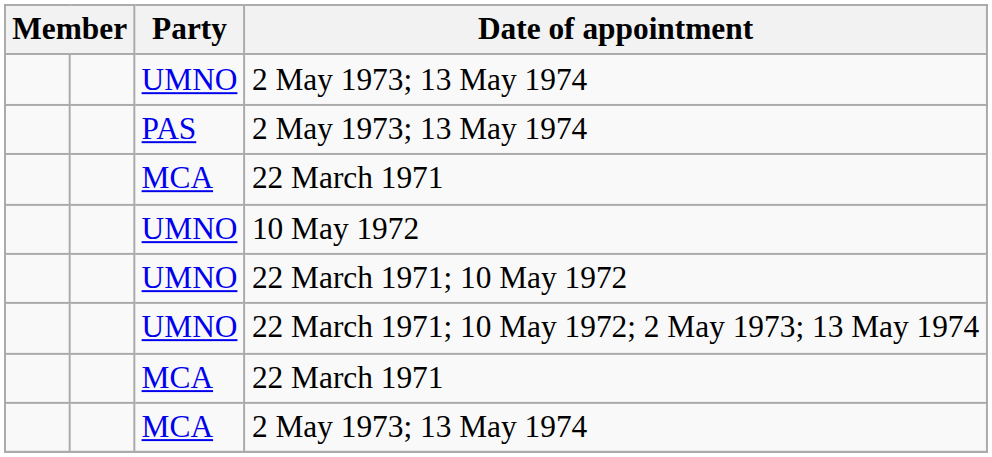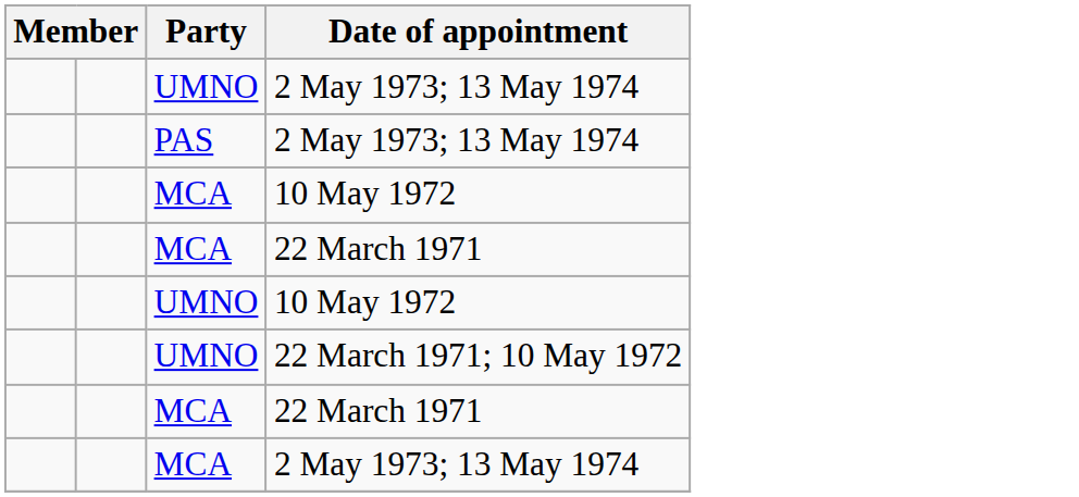 <table class="sortable wikitable">
 <tr>
 <th colspan="2" valign="top">Member</th>
 <th valign="top">Party</th>
 <th valign="top">Date of appointment</th>
 </tr>
 <tr>
 <td></td>
 <td></td>
 <td><a href='#'>UMNO</a></td>
 <td>2 May 1973; 13 May 1974</td>
 </tr>
 <tr>
 <td></td>
 <td></td>
 <td><a href='#'>PAS</a></td>
 <td>2 May 1973; 13 May 1974</td>
 </tr>
 <tr>
 <td></td>
 <td></td>
 <td><a href='#'>MCA</a></td>
+<td>10 May 1972</td>
+</tr>
+<tr>
+<td></td>
+<td></td>
+<td><a href='#'>MCA</a></td>
 <td>22 March 1971</td>
 </tr>
 <tr>
 <td></td>
 <td></td>
 <td><a href='#'>UMNO</a></td>
 <td>10 May 1972</td>
 </tr>
 <tr>
 <td></td>
 <td></td>
 <td><a href='#'>UMNO</a></td>
 <td>22 March 1971; 10 May 1972</td>
 </tr>
 <tr>
 <td></td>
 <td></td>
-<td><a href='#'>UMNO</a></td>
-<td>22 March 1971; 10 May 1972; 2 May 1973; 13 May 1974</td>
-</tr>
-<tr>
-<td></td>
-<td></td>
 <td><a href='#'>MCA</a></td>
 <td>22 March 1971</td>
 </tr>
 <tr>
 <td></td>
 <td></td>
 <td><a href='#'>MCA</a></td>
 <td>2 May 1973; 13 May 1974</td>
 </tr>
 <tr>
 </tr>
 </table>
